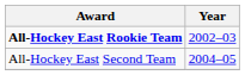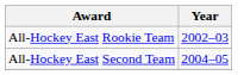 <table class="wikitable">
 <tr>
 <th>Award</th>
 <th>Year</th>
 </tr>
 <tr>
-<td><strong>All-<a href='#'>Hockey East</a> <a href='#'>Rookie Team</a></strong></td>
+<td>All-<a href='#'>Hockey East</a> <a href='#'>Rookie Team</a></td>
 <td><a href='#'>2002–03</a></td>
 </tr>
 <tr>
 <td>All-<a href='#'>Hockey East</a> <a href='#'>Second Team</a></td>
 <td><a href='#'>2004–05</a></td>
 </tr>
 <tr>
 </tr>
 </table>
